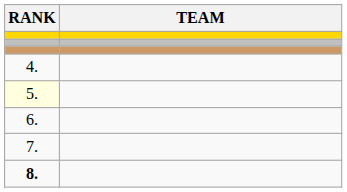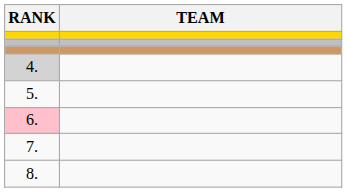 <table class="wikitable" style="border-collapse: collapse; font-size: 90%;">
 <tr>
 <th>RANK</th>
 <th align="left" style="width: 17em">TEAM</th>
 </tr>
 <tr bgcolor=gold>
 <td align="center"></td>
 <td></td>
 </tr>
 <tr bgcolor=silver>
 <td align="center"></td>
 <td></td>
 </tr>
 <tr bgcolor=cc9966>
 <td align="center"></td>
 <td></td>
 </tr>
 <tr>
-<td align="center">4.</td>
+<td align="center" style="background: lightgrey;">4.</td>
 <td></td>
 </tr>
 <tr>
-<td align="center" style="background: lightyellow;">5.</td>
+<td align="center">5.</td>
 <td></td>
 </tr>
 <tr>
-<td align="center">6.</td>
+<td align="center" style="background: pink;">6.</td>
 <td></td>
 </tr>
 <tr>
 <td align="center">7.</td>
 <td></td>
 </tr>
 <tr>
-<td align="center"><strong>8.</strong></td>
+<td align="center">8.</td>
 <td></td>
 </tr>
 </table>
